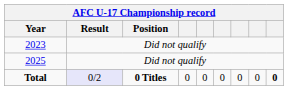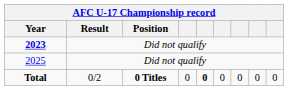 <table class="wikitable" style="text-align: center;">
 <tr>
 <th colspan = "9"><a href='#'> AFC U-17 Championship record</a></th>
 </tr>
 <tr>
 <th width = "90">Year</th>
 <th width = "80">Result</th>
 <th width = "80">Position</th>
 <th width = "20"></th>
 <th width = "20"></th>
 <th width = "20"></th>
 <th width = "20"></th>
 <th width = "20"></th>
 <th width = "20"></th>
 </tr>
 <tr>
-<td> <a href='#'> 2023</a></td>
+<td><strong> <a href='#'> 2023</a></strong></td>
 <td rowspan = 1 colspan = 8><em>Did not qualify</em></td>
 </tr>
 <tr>
 <td> <a href='#'>2025</a></td>
 <td rowspan = 1 colspan = 8><em>Did not qualify</em></td>
 </tr>
 <tr>
 <td><strong>Total</strong></td>
-<td style="background: lavender;">0/2</td>
+<td>0/2</td>
 <td><strong>0 Titles</strong></td>
+<td>0</td>
+<td><strong>0</strong></td>
 <td>0</td>
 <td>0</td>
 <td>0</td>
 <td>0</td>
-<td>0</td>
-<td><strong>0</strong></td>
 </tr>
 </table>
